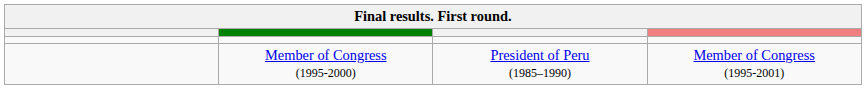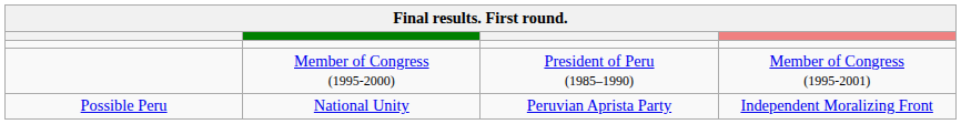 <table class="wikitable" style="font-size:90%; text-align:center;">
 <tr>
 <td colspan="4" style="background:#f1f1f1; width:850px;"><strong>Final results. First round.</strong></td>
 </tr>
 <tr>
 <th style="width:160px; font-size:120%; background:"><a href='#'></a></th>
 <th style="width:160px; font-size:120%; background:#008000;"><a href='#'></a></th>
 <th style="width:160px; font-size:120%; background:"><a href='#'></a></th>
 <th style="width:160px; font-size:120%; background:#F08080;"><a href='#'></a></th>
 </tr>
 <tr>
 <td></td>
 <td></td>
 <td></td>
 <td></td>
 </tr>
 <tr>
 <td></td>
 <td><a href='#'>Member of Congress</a><br><small>(1995-2000)</small></td>
 <td><a href='#'>President of Peru</a><br><small>(1985–1990)</small></td>
 <td><a href='#'>Member of Congress</a><br><small>(1995-2001)</small></td>
 </tr>
 <tr>
+<td><a href='#'>Possible Peru</a></td>
+<td><a href='#'>National Unity</a></td>
+<td><a href='#'>Peruvian Aprista Party</a></td>
+<td><a href='#'>Independent Moralizing Front</a></td>
+</tr>
+<tr>
 </tr>
 </table>
